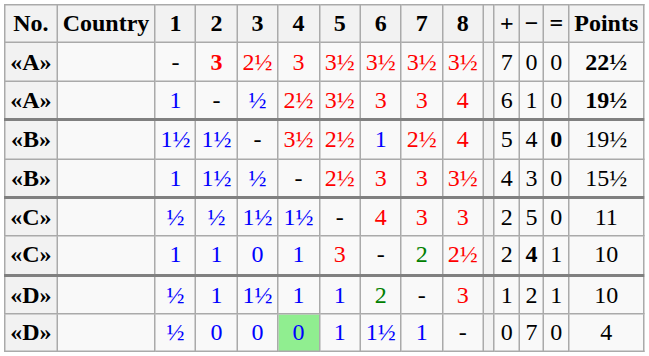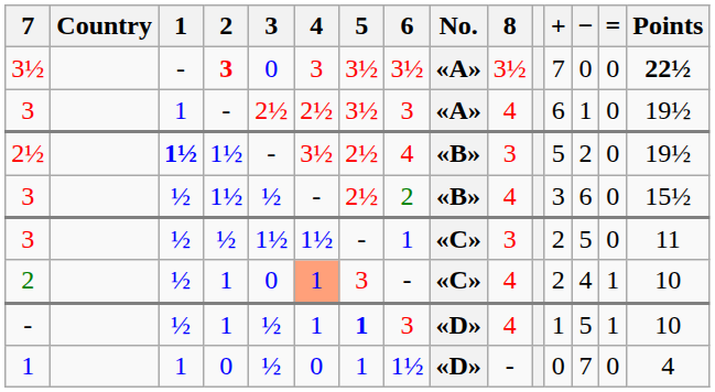 <table class="wikitable" style="text-align:center">
 <tr>
-<th>No.</th>
+<th>7</th>
 <th>Country</th>
 <th>1</th>
 <th>2</th>
 <th>3</th>
 <th>4</th>
 <th>5</th>
 <th>6</th>
-<th>7</th>
+<th>No.</th>
 <th>8</th>
 <th></th>
 <th>+</th>
 <th>−</th>
 <th>=</th>
 <th>Points</th>
 </tr>
 <tr>
-<th>«A»</th>
+<td style="color:red;">3½</td>
 <td style="text-align: left"></td>
 <td>-</td>
 <td style="color:red;"><strong>3</strong></td>
-<td style="color:red;">2½</td>
+<td style="color:blue;">0</td>
 <td style="color:red;">3</td>
 <td style="color:red;">3½</td>
 <td style="color:red;">3½</td>
-<td style="color:red;">3½</td>
+<th>«A»</th>
 <td style="color:red;">3½</td>
 <th></th>
 <td>7</td>
 <td>0</td>
 <td>0</td>
 <td><strong>22½ </strong></td>
 </tr>
 <tr>
-<th>«A»</th>
+<td style="color:red;">3</td>
 <td style="text-align: left"></td>
 <td style="color:blue;">1</td>
 <td>-</td>
-<td style="color:blue;">½</td>
+<td style="color:red;">2½</td>
 <td style="color:red;">2½</td>
 <td style="color:red;">3½</td>
 <td style="color:red;">3</td>
-<td style="color:red;">3</td>
+<th>«A»</th>
 <td style="color:red;">4</td>
 <th></th>
 <td>6</td>
 <td>1</td>
 <td>0</td>
-<td><strong>19½</strong></td>
+<td>19½</td>
 </tr>
 <tr style="border-top:2px solid grey;">
-<th>«B»</th>
+<td style="color:red;">2½</td>
 <td style="text-align: left"></td>
-<td style="color:blue;">1½</td>
+<td style="color:blue;"><strong>1½</strong></td>
 <td style="color:blue;">1½</td>
 <td>-</td>
 <td style="color:red;">3½</td>
 <td style="color:red;">2½</td>
-<td style="color:blue;">1</td>
-<td style="color:red;">2½</td>
 <td style="color:red;">4</td>
+<th>«B»</th>
+<td style="color:red;">3</td>
 <th></th>
 <td>5</td>
-<td>4</td>
-<td><strong>0</strong></td>
+<td>2</td>
+<td>0</td>
 <td>19½</td>
 </tr>
 <tr>
-<th>«B»</th>
+<td style="color:red;">3</td>
 <td style="text-align: left"></td>
-<td style="color:blue;">1</td>
+<td style="color:blue;">½</td>
 <td style="color:blue;">1½</td>
 <td style="color:blue;">½</td>
 <td>-</td>
 <td style="color:red;">2½</td>
-<td style="color:red;">3</td>
-<td style="color:red;">3</td>
-<td style="color:red;">3½</td>
+<td style="color:green;">2</td>
+<th>«B»</th>
+<td style="color:red;">4</td>
 <th></th>
-<td>4</td>
 <td>3</td>
+<td>6</td>
 <td>0</td>
 <td>15½</td>
 </tr>
 <tr style="border-top:2px solid grey;">
-<th>«C»</th>
+<td style="color:red;">3</td>
 <td style="text-align: left"></td>
 <td style="color:blue;">½</td>
 <td style="color:blue;">½</td>
 <td style="color:blue;">1½</td>
 <td style="color:blue;">1½</td>
 <td>-</td>
-<td style="color:red;">4</td>
-<td style="color:red;">3</td>
+<td style="color:blue;">1</td>
+<th>«C»</th>
 <td style="color:red;">3</td>
 <th></th>
 <td>2</td>
 <td>5</td>
 <td>0</td>
 <td>11</td>
 </tr>
 <tr>
-<th>«C»</th>
+<td style="color:green;">2</td>
 <td style="text-align: left"></td>
-<td style="color:blue;">1</td>
+<td style="color:blue;">½</td>
 <td style="color:blue;">1</td>
 <td style="color:blue;">0</td>
-<td style="color:blue;">1</td>
+<td style="background: lightsalmon; color:blue;">1</td>
 <td style="color:red;">3</td>
 <td>-</td>
-<td style="color:green;">2</td>
-<td style="color:red;">2½</td>
+<th>«C»</th>
+<td style="color:red;">4</td>
 <th></th>
 <td>2</td>
-<td><strong>4</strong></td>
+<td>4</td>
 <td>1</td>
 <td>10</td>
 </tr>
 <tr style="border-top:2px solid grey;">
-<th>«D»</th>
+<td>-</td>
 <td style="text-align: left"></td>
 <td style="color:blue;">½</td>
 <td style="color:blue;">1</td>
-<td style="color:blue;">1½</td>
+<td style="color:blue;">½</td>
 <td style="color:blue;">1</td>
-<td style="color:blue;">1</td>
-<td style="color:green;">2</td>
-<td>-</td>
+<td style="color:blue;"><strong>1</strong></td>
 <td style="color:red;">3</td>
+<th>«D»</th>
+<td style="color:red;">4</td>
 <th></th>
 <td>1</td>
-<td>2</td>
+<td>5</td>
 <td>1</td>
 <td>10</td>
 </tr>
 <tr>
-<th>«D»</th>
+<td style="color:blue;">1</td>
 <td style="text-align: left"></td>
+<td style="color:blue;">1</td>
+<td style="color:blue;">0</td>
 <td style="color:blue;">½</td>
 <td style="color:blue;">0</td>
-<td style="color:blue;">0</td>
-<td style="background: lightgreen; color:blue;">0</td>
 <td style="color:blue;">1</td>
 <td style="color:blue;">1½</td>
-<td style="color:blue;">1</td>
+<th>«D»</th>
 <td>-</td>
 <th></th>
 <td>0</td>
 <td>7</td>
 <td>0</td>
 <td>4</td>
 </tr>
 </table>
